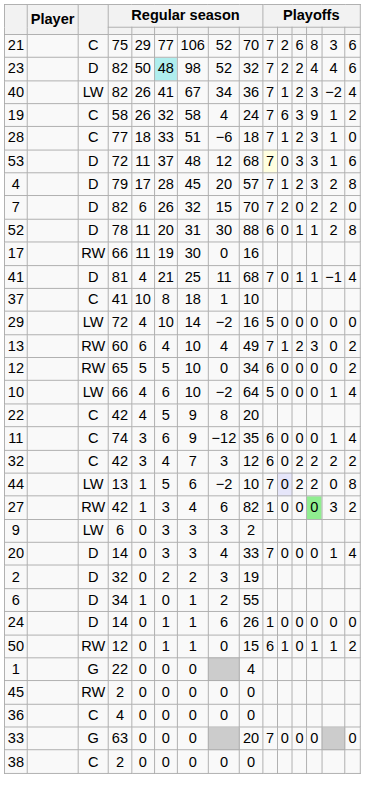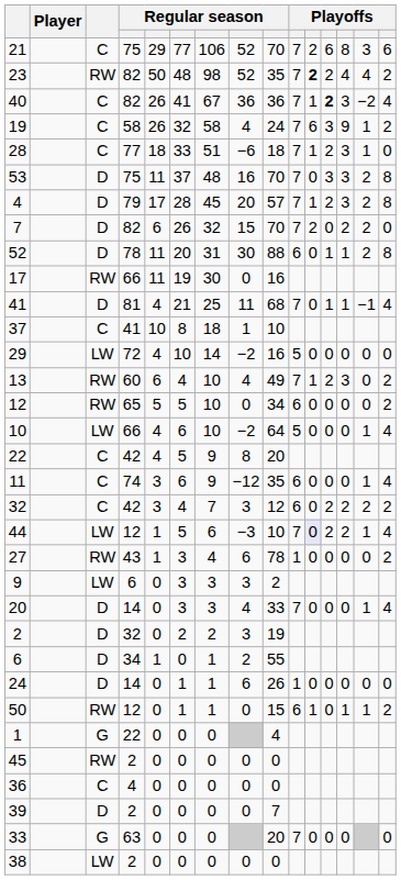 <table class="wikitable sortable plainrowheaders" style="text-align:center;">
 <tr>
 <th scope="col" data-sort-type="number" rowspan="2"></th>
 <th scope="col" rowspan="2">Player</th>
 <th scope="col" rowspan="2"></th>
 <th scope=colgroup colspan=6>Regular season</th>
 <th scope=colgroup colspan=6>Playoffs</th>
 </tr>
 <tr>
 <th scope="col" data-sort-type="number"></th>
 <th scope="col" data-sort-type="number"></th>
 <th scope="col" data-sort-type="number"></th>
 <th scope="col" data-sort-type="number"></th>
 <th scope="col" data-sort-type="number"></th>
 <th scope="col" data-sort-type="number"></th>
 <th scope="col" data-sort-type="number"></th>
 <th scope="col" data-sort-type="number"></th>
 <th scope="col" data-sort-type="number"></th>
 <th scope="col" data-sort-type="number"></th>
 <th scope="col" data-sort-type="number"></th>
 <th scope="col" data-sort-type="number"></th>
 </tr>
 <tr>
 <td scope="row">21</td>
 <td align="left"></td>
 <td>C</td>
 <td>75</td>
 <td>29</td>
 <td>77</td>
 <td>106</td>
 <td>52</td>
 <td>70</td>
 <td>7</td>
 <td>2</td>
 <td>6</td>
 <td>8</td>
 <td>3</td>
 <td>6</td>
 </tr>
 <tr>
 <td scope="row">23</td>
 <td align="left"></td>
-<td>D</td>
+<td>RW</td>
 <td>82</td>
 <td>50</td>
-<td style="background: paleturquoise;">48</td>
+<td>48</td>
 <td>98</td>
 <td>52</td>
-<td>32</td>
+<td>35</td>
 <td>7</td>
-<td>2</td>
+<td><strong>2</strong></td>
 <td>2</td>
 <td>4</td>
 <td>4</td>
-<td>6</td>
+<td>2</td>
 </tr>
 <tr>
 <td scope="row">40</td>
 <td align="left"></td>
-<td>LW</td>
+<td>C</td>
 <td>82</td>
 <td>26</td>
 <td>41</td>
 <td>67</td>
-<td>34</td>
+<td>36</td>
 <td>36</td>
 <td>7</td>
 <td>1</td>
-<td>2</td>
+<td><strong>2</strong></td>
 <td>3</td>
 <td>−2</td>
 <td>4</td>
 </tr>
 <tr>
 <td scope="row">19</td>
 <td align="left"></td>
 <td>C</td>
 <td>58</td>
 <td>26</td>
 <td>32</td>
 <td>58</td>
 <td>4</td>
 <td>24</td>
 <td>7</td>
 <td>6</td>
 <td>3</td>
 <td>9</td>
 <td>1</td>
 <td>2</td>
 </tr>
 <tr>
 <td scope="row">28</td>
 <td align="left"></td>
 <td>C</td>
 <td>77</td>
 <td>18</td>
 <td>33</td>
 <td>51</td>
 <td>−6</td>
 <td>18</td>
 <td>7</td>
 <td>1</td>
 <td>2</td>
 <td>3</td>
 <td>1</td>
 <td>0</td>
 </tr>
 <tr>
 <td scope="row">53</td>
 <td align="left"></td>
 <td>D</td>
-<td>72</td>
+<td>75</td>
 <td>11</td>
 <td>37</td>
 <td>48</td>
-<td>12</td>
-<td>68</td>
-<td style="background: lightyellow;">7</td>
+<td>16</td>
+<td>70</td>
+<td>7</td>
 <td>0</td>
 <td>3</td>
 <td>3</td>
-<td>1</td>
-<td>6</td>
+<td>2</td>
+<td>8</td>
 </tr>
 <tr>
 <td scope="row">4</td>
 <td align="left"></td>
 <td>D</td>
 <td>79</td>
 <td>17</td>
 <td>28</td>
 <td>45</td>
 <td>20</td>
 <td>57</td>
 <td>7</td>
 <td>1</td>
 <td>2</td>
 <td>3</td>
 <td>2</td>
 <td>8</td>
 </tr>
 <tr>
 <td scope="row">7</td>
 <td align="left"></td>
 <td>D</td>
 <td>82</td>
 <td>6</td>
 <td>26</td>
 <td>32</td>
 <td>15</td>
 <td>70</td>
 <td>7</td>
 <td>2</td>
 <td>0</td>
 <td>2</td>
 <td>2</td>
 <td>0</td>
 </tr>
 <tr>
 <td scope="row">52</td>
 <td align="left"></td>
 <td>D</td>
 <td>78</td>
 <td>11</td>
 <td>20</td>
 <td>31</td>
 <td>30</td>
 <td>88</td>
 <td>6</td>
 <td>0</td>
 <td>1</td>
 <td>1</td>
 <td>2</td>
 <td>8</td>
 </tr>
 <tr>
 <td scope="row">17</td>
 <td align="left"></td>
 <td>RW</td>
 <td>66</td>
 <td>11</td>
 <td>19</td>
 <td>30</td>
 <td>0</td>
 <td>16</td>
 <td></td>
 <td></td>
 <td></td>
 <td></td>
 <td></td>
 <td></td>
 </tr>
 <tr>
 <td scope="row">41</td>
 <td align="left"></td>
 <td>D</td>
 <td>81</td>
 <td>4</td>
 <td>21</td>
 <td>25</td>
 <td>11</td>
 <td>68</td>
 <td>7</td>
 <td>0</td>
 <td>1</td>
 <td>1</td>
 <td>−1</td>
 <td>4</td>
 </tr>
 <tr>
 <td scope="row">37</td>
 <td align="left"></td>
 <td>C</td>
 <td>41</td>
 <td>10</td>
 <td>8</td>
 <td>18</td>
 <td>1</td>
 <td>10</td>
 <td></td>
 <td></td>
 <td></td>
 <td></td>
 <td></td>
 <td></td>
 </tr>
 <tr>
 <td scope="row">29</td>
 <td align="left"></td>
 <td>LW</td>
 <td>72</td>
 <td>4</td>
 <td>10</td>
 <td>14</td>
 <td>−2</td>
 <td>16</td>
 <td>5</td>
 <td>0</td>
 <td>0</td>
 <td>0</td>
 <td>0</td>
 <td>0</td>
 </tr>
 <tr>
 <td scope="row">13</td>
 <td align="left"></td>
 <td>RW</td>
 <td>60</td>
 <td>6</td>
 <td>4</td>
 <td>10</td>
 <td>4</td>
 <td>49</td>
 <td>7</td>
 <td>1</td>
 <td>2</td>
 <td>3</td>
 <td>0</td>
 <td>2</td>
 </tr>
 <tr>
 <td scope="row">12</td>
 <td align="left"></td>
 <td>RW</td>
 <td>65</td>
 <td>5</td>
 <td>5</td>
 <td>10</td>
 <td>0</td>
 <td>34</td>
 <td>6</td>
 <td>0</td>
 <td>0</td>
 <td>0</td>
 <td>0</td>
 <td>2</td>
 </tr>
 <tr>
 <td scope="row">10</td>
 <td align="left"></td>
 <td>LW</td>
 <td>66</td>
 <td>4</td>
 <td>6</td>
 <td>10</td>
 <td>−2</td>
 <td>64</td>
 <td>5</td>
 <td>0</td>
 <td>0</td>
 <td>0</td>
 <td>1</td>
 <td>4</td>
 </tr>
 <tr>
 <td scope="row">22</td>
 <td align="left"></td>
 <td>C</td>
 <td>42</td>
 <td>4</td>
 <td>5</td>
 <td>9</td>
 <td>8</td>
 <td>20</td>
 <td></td>
 <td></td>
 <td></td>
 <td></td>
 <td></td>
 <td></td>
 </tr>
 <tr>
 <td scope="row">11</td>
 <td align="left"></td>
 <td>C</td>
 <td>74</td>
 <td>3</td>
 <td>6</td>
 <td>9</td>
 <td>−12</td>
 <td>35</td>
 <td>6</td>
 <td>0</td>
 <td>0</td>
 <td>0</td>
 <td>1</td>
 <td>4</td>
 </tr>
 <tr>
 <td scope="row">32</td>
 <td align="left"></td>
 <td>C</td>
 <td>42</td>
 <td>3</td>
 <td>4</td>
 <td>7</td>
 <td>3</td>
 <td>12</td>
 <td>6</td>
 <td>0</td>
 <td>2</td>
 <td>2</td>
 <td>2</td>
 <td>2</td>
 </tr>
 <tr>
 <td scope="row">44</td>
 <td align="left"></td>
 <td>LW</td>
-<td>13</td>
+<td>12</td>
 <td>1</td>
 <td>5</td>
 <td>6</td>
-<td>−2</td>
+<td>−3</td>
 <td>10</td>
 <td>7</td>
 <td style="background: lavender;">0</td>
 <td>2</td>
 <td>2</td>
-<td>0</td>
-<td>8</td>
+<td>1</td>
+<td>4</td>
 </tr>
 <tr>
 <td scope="row">27</td>
 <td align="left"></td>
 <td>RW</td>
-<td>42</td>
+<td>43</td>
 <td>1</td>
 <td>3</td>
 <td>4</td>
 <td>6</td>
-<td>82</td>
+<td>78</td>
 <td>1</td>
 <td>0</td>
 <td>0</td>
-<td style="background: lightgreen;">0</td>
-<td>3</td>
+<td>0</td>
+<td>0</td>
 <td>2</td>
 </tr>
 <tr>
 <td scope="row">9</td>
 <td align="left"></td>
 <td>LW</td>
 <td>6</td>
 <td>0</td>
 <td>3</td>
 <td>3</td>
 <td>3</td>
 <td>2</td>
 <td></td>
 <td></td>
 <td></td>
 <td></td>
 <td></td>
 <td></td>
 </tr>
 <tr>
 <td scope="row">20</td>
 <td align="left"></td>
 <td>D</td>
 <td>14</td>
 <td>0</td>
 <td>3</td>
 <td>3</td>
 <td>4</td>
 <td>33</td>
 <td>7</td>
 <td>0</td>
 <td>0</td>
 <td>0</td>
 <td>1</td>
 <td>4</td>
 </tr>
 <tr>
 <td scope="row">2</td>
 <td align="left"></td>
 <td>D</td>
 <td>32</td>
 <td>0</td>
 <td>2</td>
 <td>2</td>
 <td>3</td>
 <td>19</td>
 <td></td>
 <td></td>
 <td></td>
 <td></td>
 <td></td>
 <td></td>
 </tr>
 <tr>
 <td scope="row">6</td>
 <td align="left"></td>
 <td>D</td>
 <td>34</td>
 <td>1</td>
 <td>0</td>
 <td>1</td>
 <td>2</td>
 <td>55</td>
 <td></td>
 <td></td>
 <td></td>
 <td></td>
 <td></td>
 <td></td>
 </tr>
 <tr>
 <td scope="row">24</td>
 <td align="left"></td>
 <td>D</td>
 <td>14</td>
 <td>0</td>
 <td>1</td>
 <td>1</td>
 <td>6</td>
 <td>26</td>
 <td>1</td>
 <td>0</td>
 <td>0</td>
 <td>0</td>
 <td>0</td>
 <td>0</td>
 </tr>
 <tr>
 <td scope="row">50</td>
 <td align="left"></td>
 <td>RW</td>
 <td>12</td>
 <td>0</td>
 <td>1</td>
 <td>1</td>
 <td>0</td>
 <td>15</td>
 <td>6</td>
 <td>1</td>
 <td>0</td>
 <td>1</td>
 <td>1</td>
 <td>2</td>
 </tr>
 <tr>
 <td scope="row">1</td>
 <td align="left"></td>
 <td>G</td>
 <td>22</td>
 <td>0</td>
 <td>0</td>
 <td>0</td>
 <td style="background:#ccc"></td>
 <td>4</td>
 <td></td>
 <td></td>
 <td></td>
 <td></td>
 <td></td>
 <td></td>
 </tr>
 <tr>
 <td scope="row">45</td>
 <td align="left"></td>
 <td>RW</td>
 <td>2</td>
 <td>0</td>
 <td>0</td>
 <td>0</td>
 <td>0</td>
 <td>0</td>
 <td></td>
 <td></td>
 <td></td>
 <td></td>
 <td></td>
 <td></td>
 </tr>
 <tr>
 <td scope="row">36</td>
 <td align="left"></td>
 <td>C</td>
 <td>4</td>
 <td>0</td>
 <td>0</td>
 <td>0</td>
 <td>0</td>
 <td>0</td>
 <td></td>
 <td></td>
 <td></td>
 <td></td>
 <td></td>
 <td></td>
 </tr>
 <tr>
+<td scope="row">39</td>
+<td align="left"></td>
+<td>D</td>
+<td>2</td>
+<td>0</td>
+<td>0</td>
+<td>0</td>
+<td>0</td>
+<td>7</td>
+<td></td>
+<td></td>
+<td></td>
+<td></td>
+<td></td>
+<td></td>
+</tr>
+<tr>
 <td scope="row">33</td>
 <td align="left"></td>
 <td>G</td>
 <td>63</td>
 <td>0</td>
 <td>0</td>
 <td>0</td>
 <td style="background:#ccc"></td>
 <td>20</td>
 <td>7</td>
 <td>0</td>
 <td>0</td>
 <td>0</td>
 <td style="background:#ccc"></td>
 <td>0</td>
 </tr>
 <tr>
 <td scope="row">38</td>
 <td align="left"></td>
-<td>C</td>
+<td>LW</td>
 <td>2</td>
 <td>0</td>
 <td>0</td>
 <td>0</td>
 <td>0</td>
 <td>0</td>
 <td></td>
 <td></td>
 <td></td>
 <td></td>
 <td></td>
 <td></td>
 </tr>
 </table>
